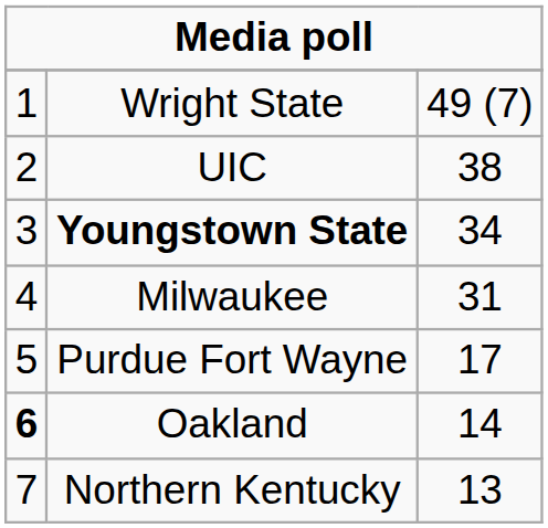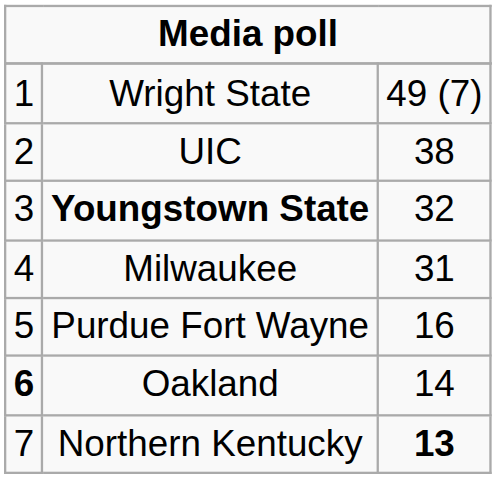 <table class="wikitable" style="display: inline-table;">
 <tr>
 <td align="center" Colspan="3"><strong>Media poll</strong></td>
 </tr>
 <tr align="center">
 </tr>
 <tr align="center">
 <td>1</td>
 <td>Wright State</td>
 <td>49 (7)</td>
 </tr>
 <tr align="center">
 <td>2</td>
 <td>UIC</td>
 <td>38</td>
 </tr>
 <tr align="center">
 <td>3</td>
 <td><strong>Youngstown State</strong></td>
-<td>34</td>
+<td>32</td>
 </tr>
 <tr align="center">
 <td>4</td>
 <td>Milwaukee</td>
 <td>31</td>
 </tr>
 <tr align="center">
 <td>5</td>
 <td>Purdue Fort Wayne</td>
-<td>17</td>
+<td>16</td>
 </tr>
 <tr align="center">
 <td><strong>6</strong></td>
 <td>Oakland</td>
 <td>14</td>
 </tr>
 <tr align="center">
 <td>7</td>
 <td>Northern Kentucky</td>
-<td>13</td>
+<td><strong>13</strong></td>
 </tr>
 </table>
